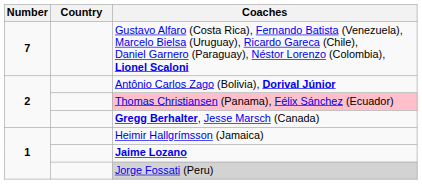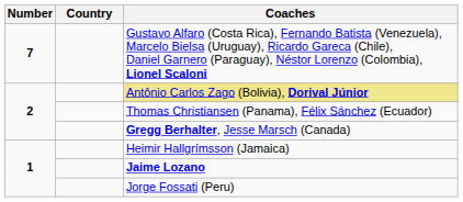 <table class="wikitable sortable">
 <tr>
 <th width="11%">Number</th>
 <th width="15%">Country</th>
 <th>Coaches</th>
 </tr>
 <tr>
 <td align="center"><strong>7</strong></td>
 <td></td>
 <td><a href='#'>Gustavo Alfaro</a> (Costa Rica), <a href='#'>Fernando Batista</a> (Venezuela), <a href='#'>Marcelo Bielsa</a> (Uruguay), <a href='#'>Ricardo Gareca</a> (Chile),<br><a href='#'>Daniel Garnero</a> (Paraguay), <a href='#'>Néstor Lorenzo</a> (Colombia), <strong><a href='#'>Lionel Scaloni</a></strong></td>
 </tr>
 <tr>
 <td rowspan="3" align="center"><strong>2</strong></td>
 <td></td>
-<td><a href='#'>Antônio Carlos Zago</a> (Bolivia), <strong><a href='#'>Dorival Júnior</a></strong></td>
+<td style="background: khaki;"><a href='#'>Antônio Carlos Zago</a> (Bolivia), <strong><a href='#'>Dorival Júnior</a></strong></td>
 </tr>
 <tr>
 <td></td>
-<td style="background: pink;"><a href='#'>Thomas Christiansen</a> (Panama), <a href='#'>Félix Sánchez</a> (Ecuador)</td>
+<td><a href='#'>Thomas Christiansen</a> (Panama), <a href='#'>Félix Sánchez</a> (Ecuador)</td>
 </tr>
 <tr>
 <td></td>
 <td><strong><a href='#'>Gregg Berhalter</a></strong>, <a href='#'>Jesse Marsch</a> (Canada)</td>
 </tr>
 <tr>
 <td rowspan="3" align="center"><strong>1</strong></td>
 <td></td>
 <td><a href='#'>Heimir Hallgrímsson</a> (Jamaica)</td>
 </tr>
 <tr>
 <td></td>
 <td><strong><a href='#'>Jaime Lozano</a></strong></td>
 </tr>
 <tr>
 <td></td>
-<td style="background: lightgrey;"><a href='#'>Jorge Fossati</a> (Peru)</td>
+<td><a href='#'>Jorge Fossati</a> (Peru)</td>
 </tr>
 </table>
